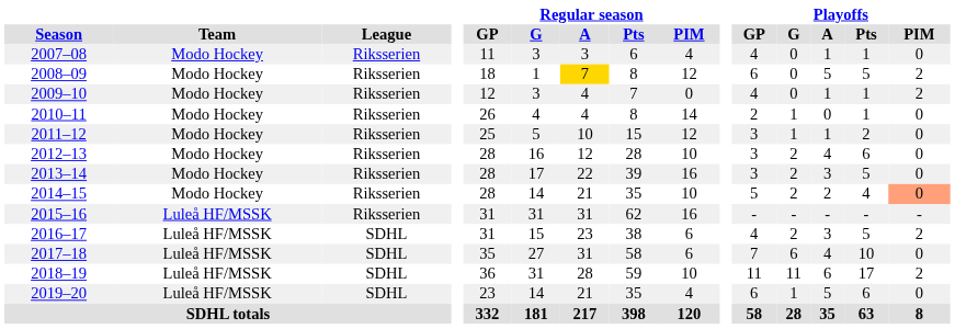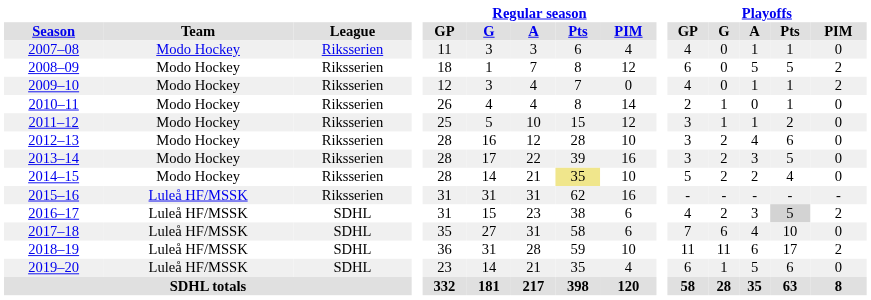 <table border="0" cellpadding="1" cellspacing="0" width="75%" style="text-align:center">
 <tr>
 <th colspan="3" bgcolor="#ffffff"> </th>
 <th rowspan="99" bgcolor="#ffffff"> </th>
 <th colspan="5"><a href='#'>Regular season</a></th>
 <th rowspan="99" bgcolor="#ffffff"> </th>
 <th colspan="5"><a href='#'>Playoffs</a></th>
 </tr>
 <tr bgcolor="#e0e0e0">
 <th><a href='#'>Season</a></th>
 <th>Team</th>
 <th>League</th>
 <th>GP</th>
 <th><a href='#'>G</a></th>
 <th><a href='#'>A</a></th>
 <th><a href='#'>Pts</a></th>
 <th><a href='#'>PIM</a></th>
 <th>GP</th>
 <th>G</th>
 <th>A</th>
 <th>Pts</th>
 <th>PIM</th>
 </tr>
 <tr style="background:#f0f0f0;">
 <td><a href='#'>2007–08</a></td>
 <td><a href='#'>Modo Hockey</a></td>
 <td><a href='#'>Riksserien</a></td>
 <td>11</td>
 <td>3</td>
 <td>3</td>
 <td>6</td>
 <td>4</td>
 <td>4</td>
 <td>0</td>
 <td>1</td>
 <td>1</td>
 <td>0</td>
 </tr>
 <tr>
 <td><a href='#'>2008–09</a></td>
 <td>Modo Hockey</td>
 <td>Riksserien</td>
 <td>18</td>
 <td>1</td>
-<td style="background: gold;">7</td>
+<td>7</td>
 <td>8</td>
 <td>12</td>
 <td>6</td>
 <td>0</td>
 <td>5</td>
 <td>5</td>
 <td>2</td>
 </tr>
 <tr style="background:#f0f0f0;">
 <td><a href='#'>2009–10</a></td>
 <td>Modo Hockey</td>
 <td>Riksserien</td>
 <td>12</td>
 <td>3</td>
 <td>4</td>
 <td>7</td>
 <td>0</td>
 <td>4</td>
 <td>0</td>
 <td>1</td>
 <td>1</td>
 <td>2</td>
 </tr>
 <tr>
 <td><a href='#'>2010–11</a></td>
 <td>Modo Hockey</td>
 <td>Riksserien</td>
 <td>26</td>
 <td>4</td>
 <td>4</td>
 <td>8</td>
 <td>14</td>
 <td>2</td>
 <td>1</td>
 <td>0</td>
 <td>1</td>
 <td>0</td>
 </tr>
 <tr style="background:#f0f0f0;">
 <td><a href='#'>2011–12</a></td>
 <td>Modo Hockey</td>
 <td>Riksserien</td>
 <td>25</td>
 <td>5</td>
 <td>10</td>
 <td>15</td>
 <td>12</td>
 <td>3</td>
 <td>1</td>
 <td>1</td>
 <td>2</td>
 <td>0</td>
 </tr>
 <tr>
 <td><a href='#'>2012–13</a></td>
 <td>Modo Hockey</td>
 <td>Riksserien</td>
 <td>28</td>
 <td>16</td>
 <td>12</td>
 <td>28</td>
 <td>10</td>
 <td>3</td>
 <td>2</td>
 <td>4</td>
 <td>6</td>
 <td>0</td>
 </tr>
 <tr style="background:#f0f0f0;">
 <td><a href='#'>2013–14</a></td>
 <td>Modo Hockey</td>
 <td>Riksserien</td>
 <td>28</td>
 <td>17</td>
 <td>22</td>
 <td>39</td>
 <td>16</td>
 <td>3</td>
 <td>2</td>
 <td>3</td>
 <td>5</td>
 <td>0</td>
 </tr>
 <tr>
 <td><a href='#'>2014–15</a></td>
 <td>Modo Hockey</td>
 <td>Riksserien</td>
 <td>28</td>
 <td>14</td>
 <td>21</td>
-<td>35</td>
+<td style="background: khaki;">35</td>
 <td>10</td>
 <td>5</td>
 <td>2</td>
 <td>2</td>
 <td>4</td>
-<td style="background: lightsalmon;">0</td>
+<td>0</td>
 </tr>
 <tr style="background:#f0f0f0;">
 <td><a href='#'>2015–16</a></td>
 <td><a href='#'>Luleå HF/MSSK</a></td>
 <td>Riksserien</td>
 <td>31</td>
 <td>31</td>
 <td>31</td>
 <td>62</td>
 <td>16</td>
 <td>-</td>
 <td>-</td>
 <td>-</td>
 <td>-</td>
 <td>-</td>
 </tr>
 <tr>
 <td><a href='#'>2016–17</a></td>
 <td>Luleå HF/MSSK</td>
 <td>SDHL</td>
 <td>31</td>
 <td>15</td>
 <td>23</td>
 <td>38</td>
 <td>6</td>
 <td>4</td>
 <td>2</td>
 <td>3</td>
-<td>5</td>
+<td style="background: lightgrey;">5</td>
 <td>2</td>
 </tr>
 <tr style="background:#f0f0f0;">
 <td><a href='#'>2017–18</a></td>
 <td>Luleå HF/MSSK</td>
 <td>SDHL</td>
 <td>35</td>
 <td>27</td>
 <td>31</td>
 <td>58</td>
 <td>6</td>
 <td>7</td>
 <td>6</td>
 <td>4</td>
 <td>10</td>
 <td>0</td>
 </tr>
 <tr>
 <td><a href='#'>2018–19</a></td>
 <td>Luleå HF/MSSK</td>
 <td>SDHL</td>
 <td>36</td>
 <td>31</td>
 <td>28</td>
 <td>59</td>
 <td>10</td>
 <td>11</td>
 <td>11</td>
 <td>6</td>
 <td>17</td>
 <td>2</td>
 </tr>
 <tr style="background:#f0f0f0;">
 <td><a href='#'>2019–20</a></td>
 <td>Luleå HF/MSSK</td>
 <td>SDHL</td>
 <td>23</td>
 <td>14</td>
 <td>21</td>
 <td>35</td>
 <td>4</td>
 <td>6</td>
 <td>1</td>
 <td>5</td>
 <td>6</td>
 <td>0</td>
 </tr>
 <tr style="text-align:center; background:#e0e0e0;">
 <th colspan="3">SDHL totals</th>
 <th>332</th>
 <th>181</th>
 <th>217</th>
 <th>398</th>
 <th>120</th>
 <th>58</th>
 <th>28</th>
 <th>35</th>
 <th>63</th>
 <th>8</th>
 </tr>
 </table>
